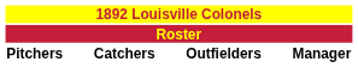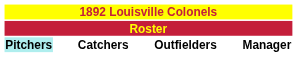 <table class="toccolours" style="font-size: 95%;">
 <tr>
 <th colspan="10" style="background-color: #FFFF00; color: #C41E3A; text-align: center;">1892 Louisville Colonels</th>
 </tr>
 <tr>
 <td colspan="10" style="background-color: #C41E3A; color: yellow; text-align: center;"><strong>Roster</strong></td>
 </tr>
 <tr>
-<td valign="top"><strong>Pitchers</strong><br>        </td>
+<td valign="top" style="background: paleturquoise;"><strong>Pitchers</strong><br>        </td>
 <td width="25px"></td>
 <td valign="top"><strong>Catchers</strong><br>      </td>
 <td width="25px"></td>
 <td valign="top"><strong>Outfielders</strong><br>      </td>
 <td width="25px"></td>
 <td valign="top"><strong>Manager</strong><br> </td>
 </tr>
 </table>
